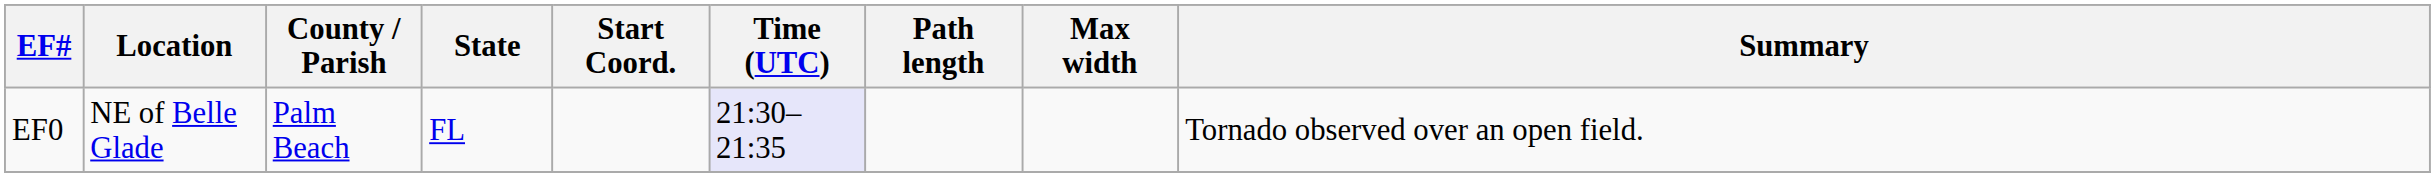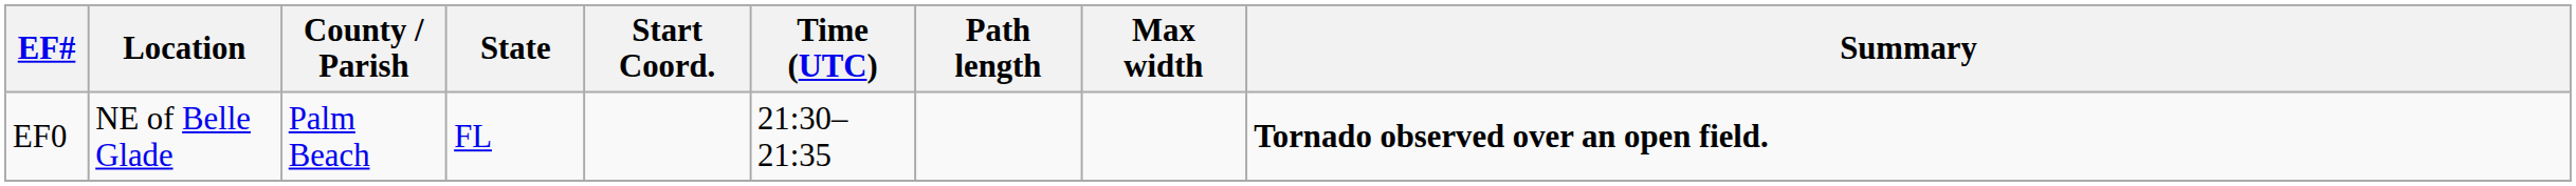 <table class="wikitable sortable" style="width:100%;">
 <tr>
 <th scope="col"  style="width:3%; text-align:center;"><a href='#'>EF#</a></th>
 <th scope="col"  style="width:7%; text-align:center;" class="unsortable">Location</th>
 <th scope="col"  style="width:6%; text-align:center;" class="unsortable">County / Parish</th>
 <th scope="col"  style="width:5%; text-align:center;">State</th>
 <th scope="col"  style="width:6%; text-align:center;">Start Coord.</th>
 <th scope="col"  style="width:6%; text-align:center;">Time (<a href='#'>UTC</a>)</th>
 <th scope="col"  style="width:6%; text-align:center;">Path length</th>
 <th scope="col"  style="width:6%; text-align:center;">Max width</th>
 <th scope="col" class="unsortable" style="width:48%; text-align:center;">Summary</th>
 </tr>
 <tr>
 <td>EF0</td>
 <td>NE of <a href='#'>Belle Glade</a></td>
 <td><a href='#'>Palm Beach</a></td>
 <td><a href='#'>FL</a></td>
 <td></td>
-<td style="background: lavender;">21:30–21:35</td>
+<td>21:30–21:35</td>
 <td></td>
 <td></td>
-<td>Tornado observed over an open field.</td>
+<td><strong>Tornado observed over an open field.</strong></td>
 </tr>
 <tr>
 </tr>
 </table>
